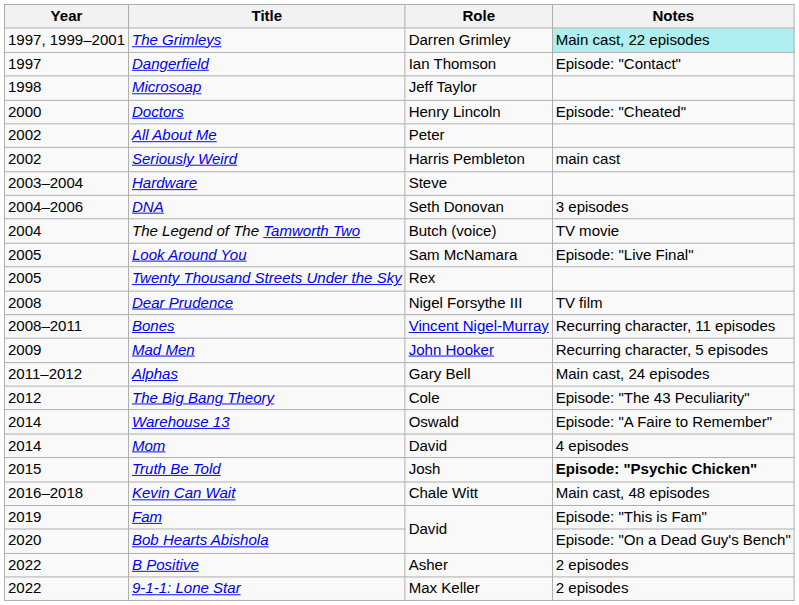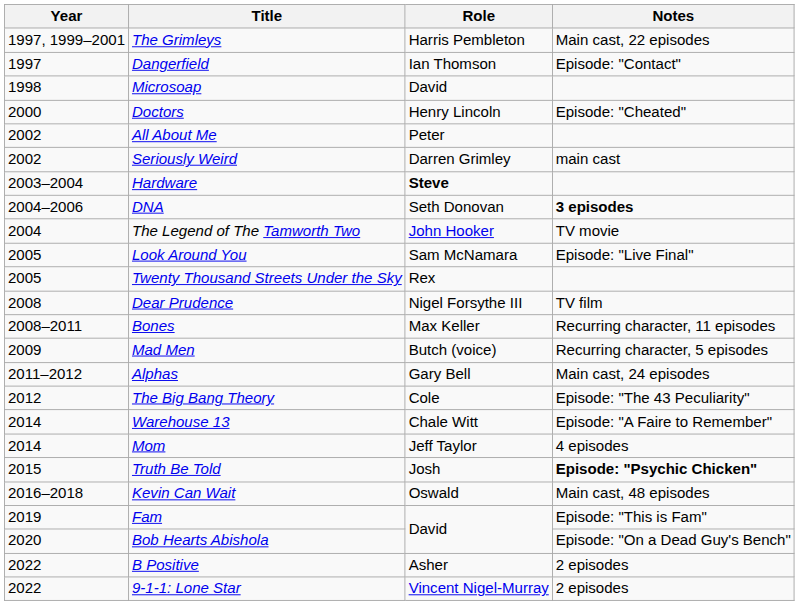 <table class="wikitable">
 <tr>
 <th>Year</th>
 <th>Title</th>
 <th>Role</th>
 <th>Notes</th>
 </tr>
 <tr>
 <td>1997, 1999–2001</td>
 <td><em><a href='#'>The Grimleys</a></em></td>
-<td>Darren Grimley</td>
-<td style="background: paleturquoise;">Main cast, 22 episodes</td>
+<td>Harris Pembleton</td>
+<td>Main cast, 22 episodes</td>
 </tr>
 <tr>
 <td>1997</td>
 <td><em><a href='#'>Dangerfield</a></em></td>
 <td>Ian Thomson</td>
 <td>Episode: "Contact"</td>
 </tr>
 <tr>
 <td>1998</td>
 <td><em><a href='#'>Microsoap</a></em></td>
-<td>Jeff Taylor</td>
+<td>David</td>
 <td></td>
 </tr>
 <tr>
 <td>2000</td>
 <td><em><a href='#'>Doctors</a></em></td>
 <td>Henry Lincoln</td>
 <td>Episode: "Cheated"</td>
 </tr>
 <tr>
 <td>2002</td>
 <td><em><a href='#'>All About Me</a></em></td>
 <td>Peter</td>
 <td></td>
 </tr>
 <tr>
 <td>2002</td>
 <td><em><a href='#'>Seriously Weird</a></em></td>
-<td>Harris Pembleton</td>
+<td>Darren Grimley</td>
 <td>main cast</td>
 </tr>
 <tr>
 <td>2003–2004</td>
 <td><em><a href='#'>Hardware</a></em></td>
-<td>Steve</td>
+<td><strong>Steve</strong></td>
 <td></td>
 </tr>
 <tr>
 <td>2004–2006</td>
 <td><em><a href='#'>DNA</a></em></td>
 <td>Seth Donovan</td>
-<td>3 episodes</td>
+<td><strong>3 episodes</strong></td>
 </tr>
 <tr>
 <td>2004</td>
 <td><em>The Legend of The <a href='#'>Tamworth Two</a></em></td>
-<td>Butch (voice)</td>
+<td><a href='#'>John Hooker</a></td>
 <td>TV movie</td>
 </tr>
 <tr>
 <td>2005</td>
 <td><em><a href='#'>Look Around You</a></em></td>
 <td>Sam McNamara</td>
 <td>Episode: "Live Final"</td>
 </tr>
 <tr>
 <td>2005</td>
 <td><em><a href='#'>Twenty Thousand Streets Under the Sky</a></em></td>
 <td>Rex</td>
 <td></td>
 </tr>
 <tr>
 <td>2008</td>
 <td><em><a href='#'>Dear Prudence</a></em></td>
 <td>Nigel Forsythe III</td>
 <td>TV film</td>
 </tr>
 <tr>
 <td>2008–2011</td>
 <td><em><a href='#'>Bones</a></em></td>
-<td><a href='#'>Vincent Nigel-Murray</a></td>
+<td>Max Keller</td>
 <td>Recurring character, 11 episodes</td>
 </tr>
 <tr>
 <td>2009</td>
 <td><em><a href='#'>Mad Men</a></em></td>
-<td><a href='#'>John Hooker</a></td>
+<td>Butch (voice)</td>
 <td>Recurring character, 5 episodes</td>
 </tr>
 <tr>
 <td>2011–2012</td>
 <td><em><a href='#'>Alphas</a></em></td>
 <td>Gary Bell</td>
 <td>Main cast, 24 episodes</td>
 </tr>
 <tr>
 <td>2012</td>
 <td><em><a href='#'>The Big Bang Theory</a></em></td>
 <td>Cole</td>
 <td>Episode: "The 43 Peculiarity"</td>
 </tr>
 <tr>
 <td>2014</td>
 <td><em><a href='#'>Warehouse 13</a></em></td>
-<td>Oswald</td>
+<td>Chale Witt</td>
 <td>Episode: "A Faire to Remember"</td>
 </tr>
 <tr>
 <td>2014</td>
 <td><em><a href='#'>Mom</a></em></td>
-<td>David</td>
+<td>Jeff Taylor</td>
 <td>4 episodes</td>
 </tr>
 <tr>
 <td>2015</td>
 <td><em><a href='#'>Truth Be Told</a></em></td>
 <td>Josh</td>
 <td><strong>Episode: "Psychic Chicken"</strong></td>
 </tr>
 <tr>
 <td>2016–2018</td>
 <td><em><a href='#'>Kevin Can Wait</a></em></td>
-<td>Chale Witt</td>
+<td>Oswald</td>
 <td>Main cast, 48 episodes</td>
 </tr>
 <tr>
 <td>2019</td>
 <td><em><a href='#'>Fam</a></em></td>
 <td rowspan="2">David</td>
 <td>Episode: "This is Fam"</td>
 </tr>
 <tr>
 <td>2020</td>
 <td><em><a href='#'>Bob Hearts Abishola</a></em></td>
 <td>Episode: "On a Dead Guy's Bench"</td>
 </tr>
 <tr>
 <td>2022</td>
 <td><em><a href='#'>B Positive</a></em></td>
 <td>Asher</td>
 <td>2 episodes</td>
 </tr>
 <tr>
 <td>2022</td>
 <td><em><a href='#'>9-1-1: Lone Star</a></em></td>
-<td>Max Keller</td>
+<td><a href='#'>Vincent Nigel-Murray</a></td>
 <td>2 episodes</td>
 </tr>
 </table>
